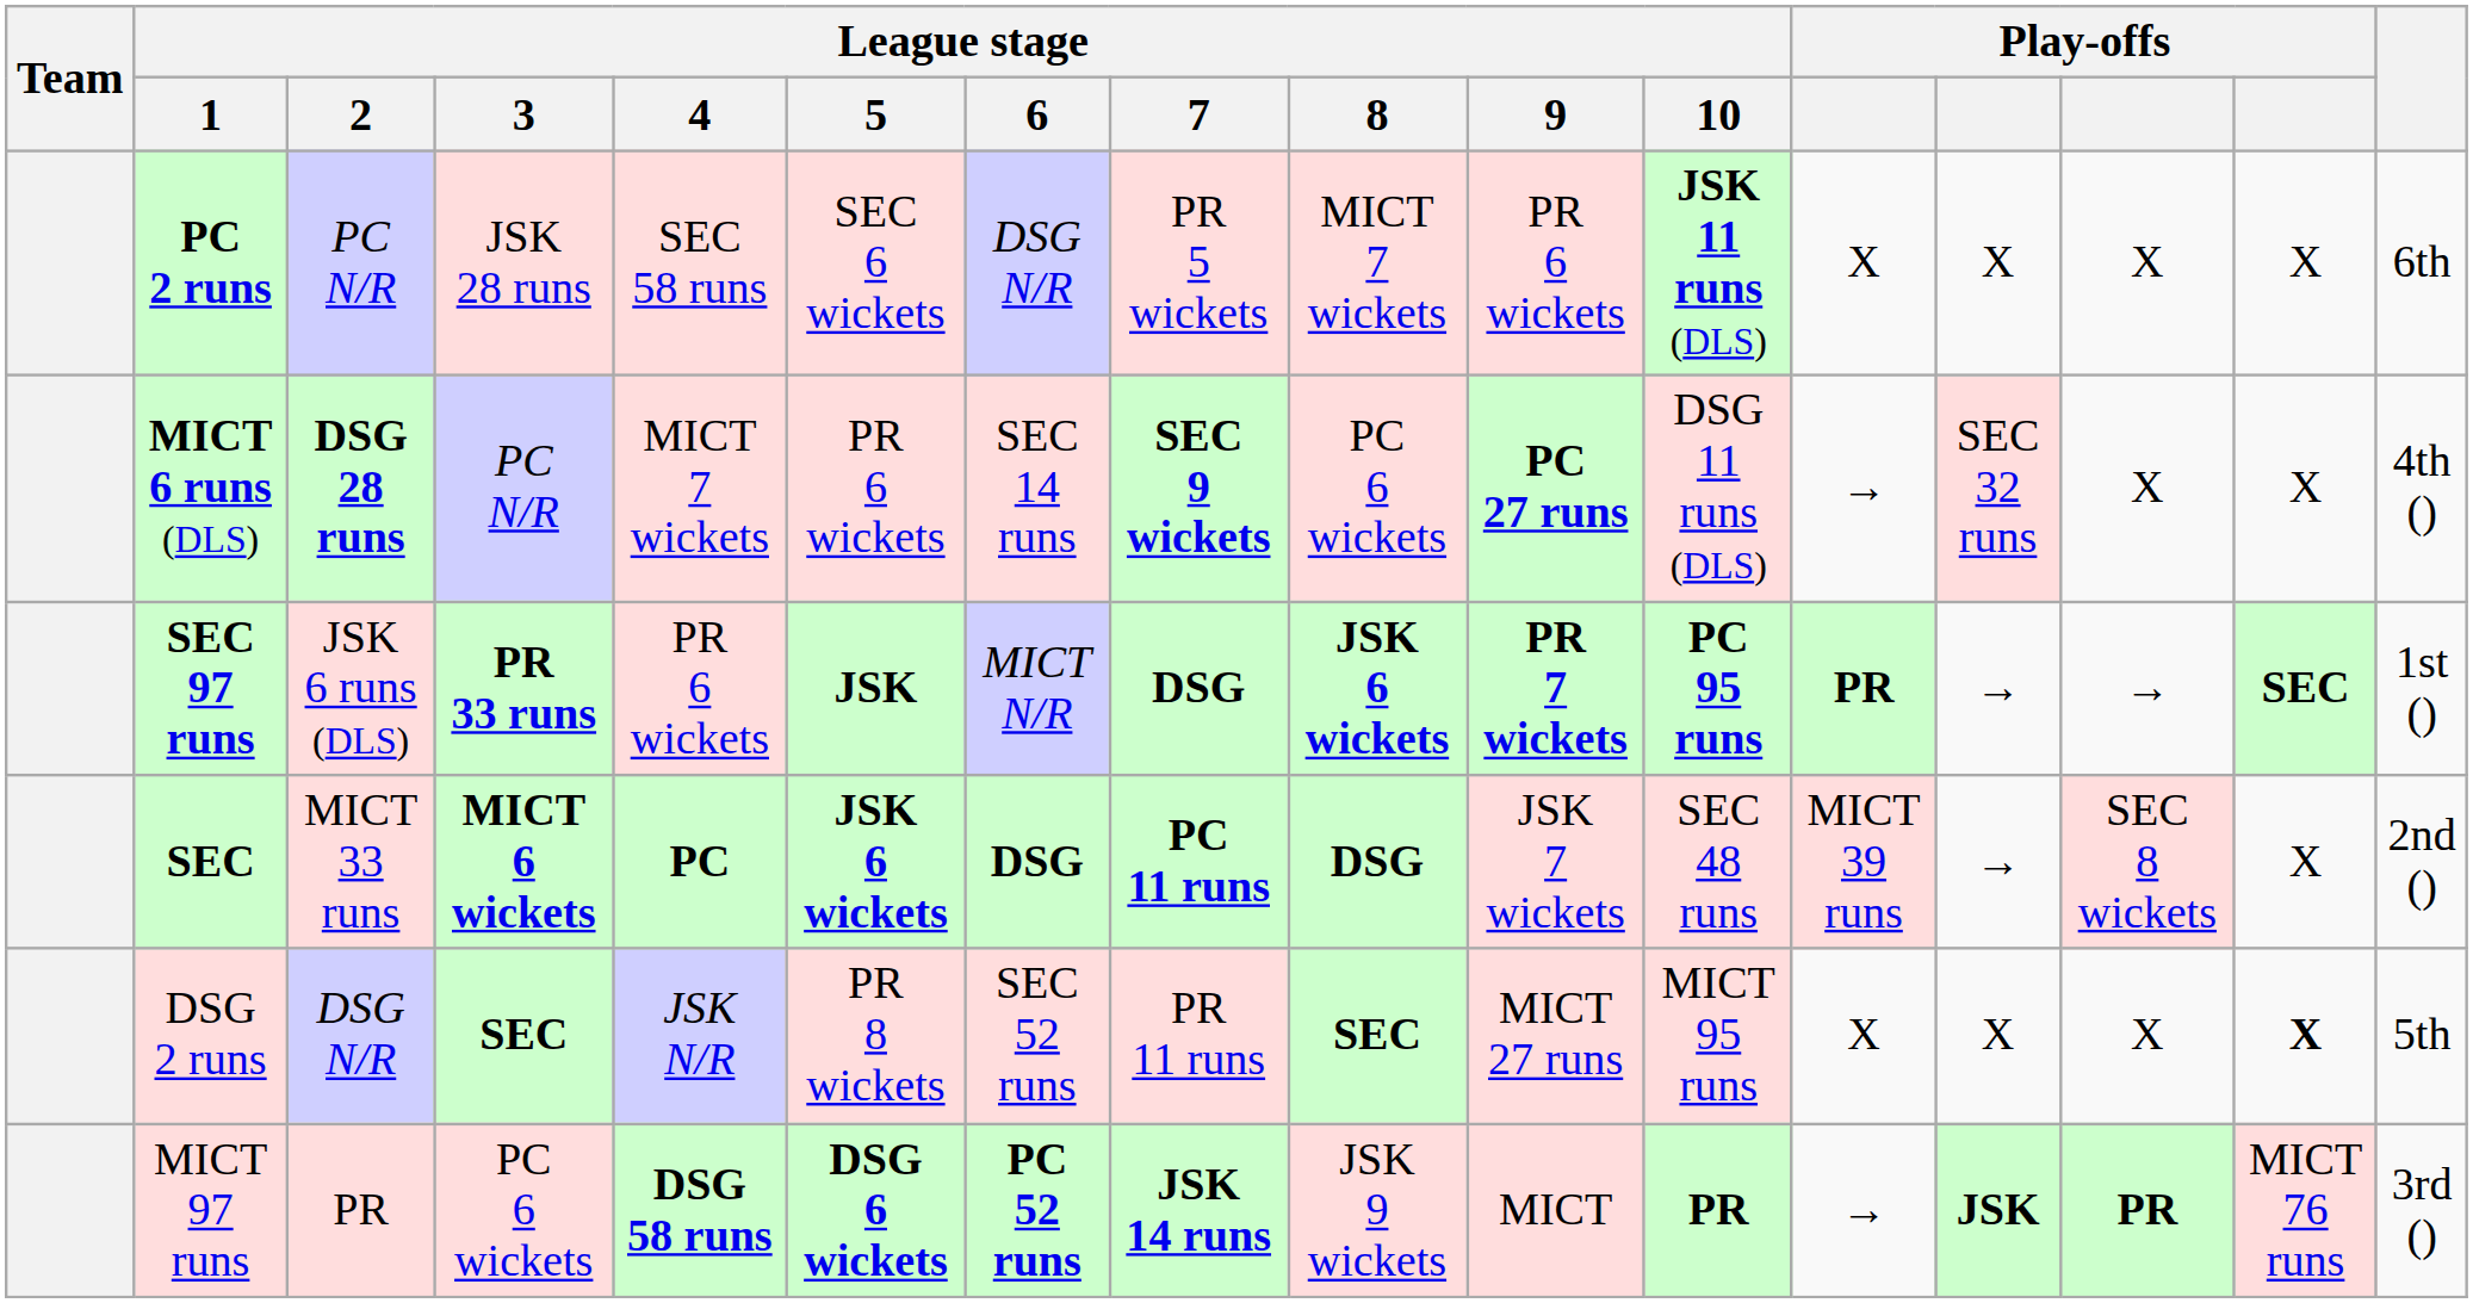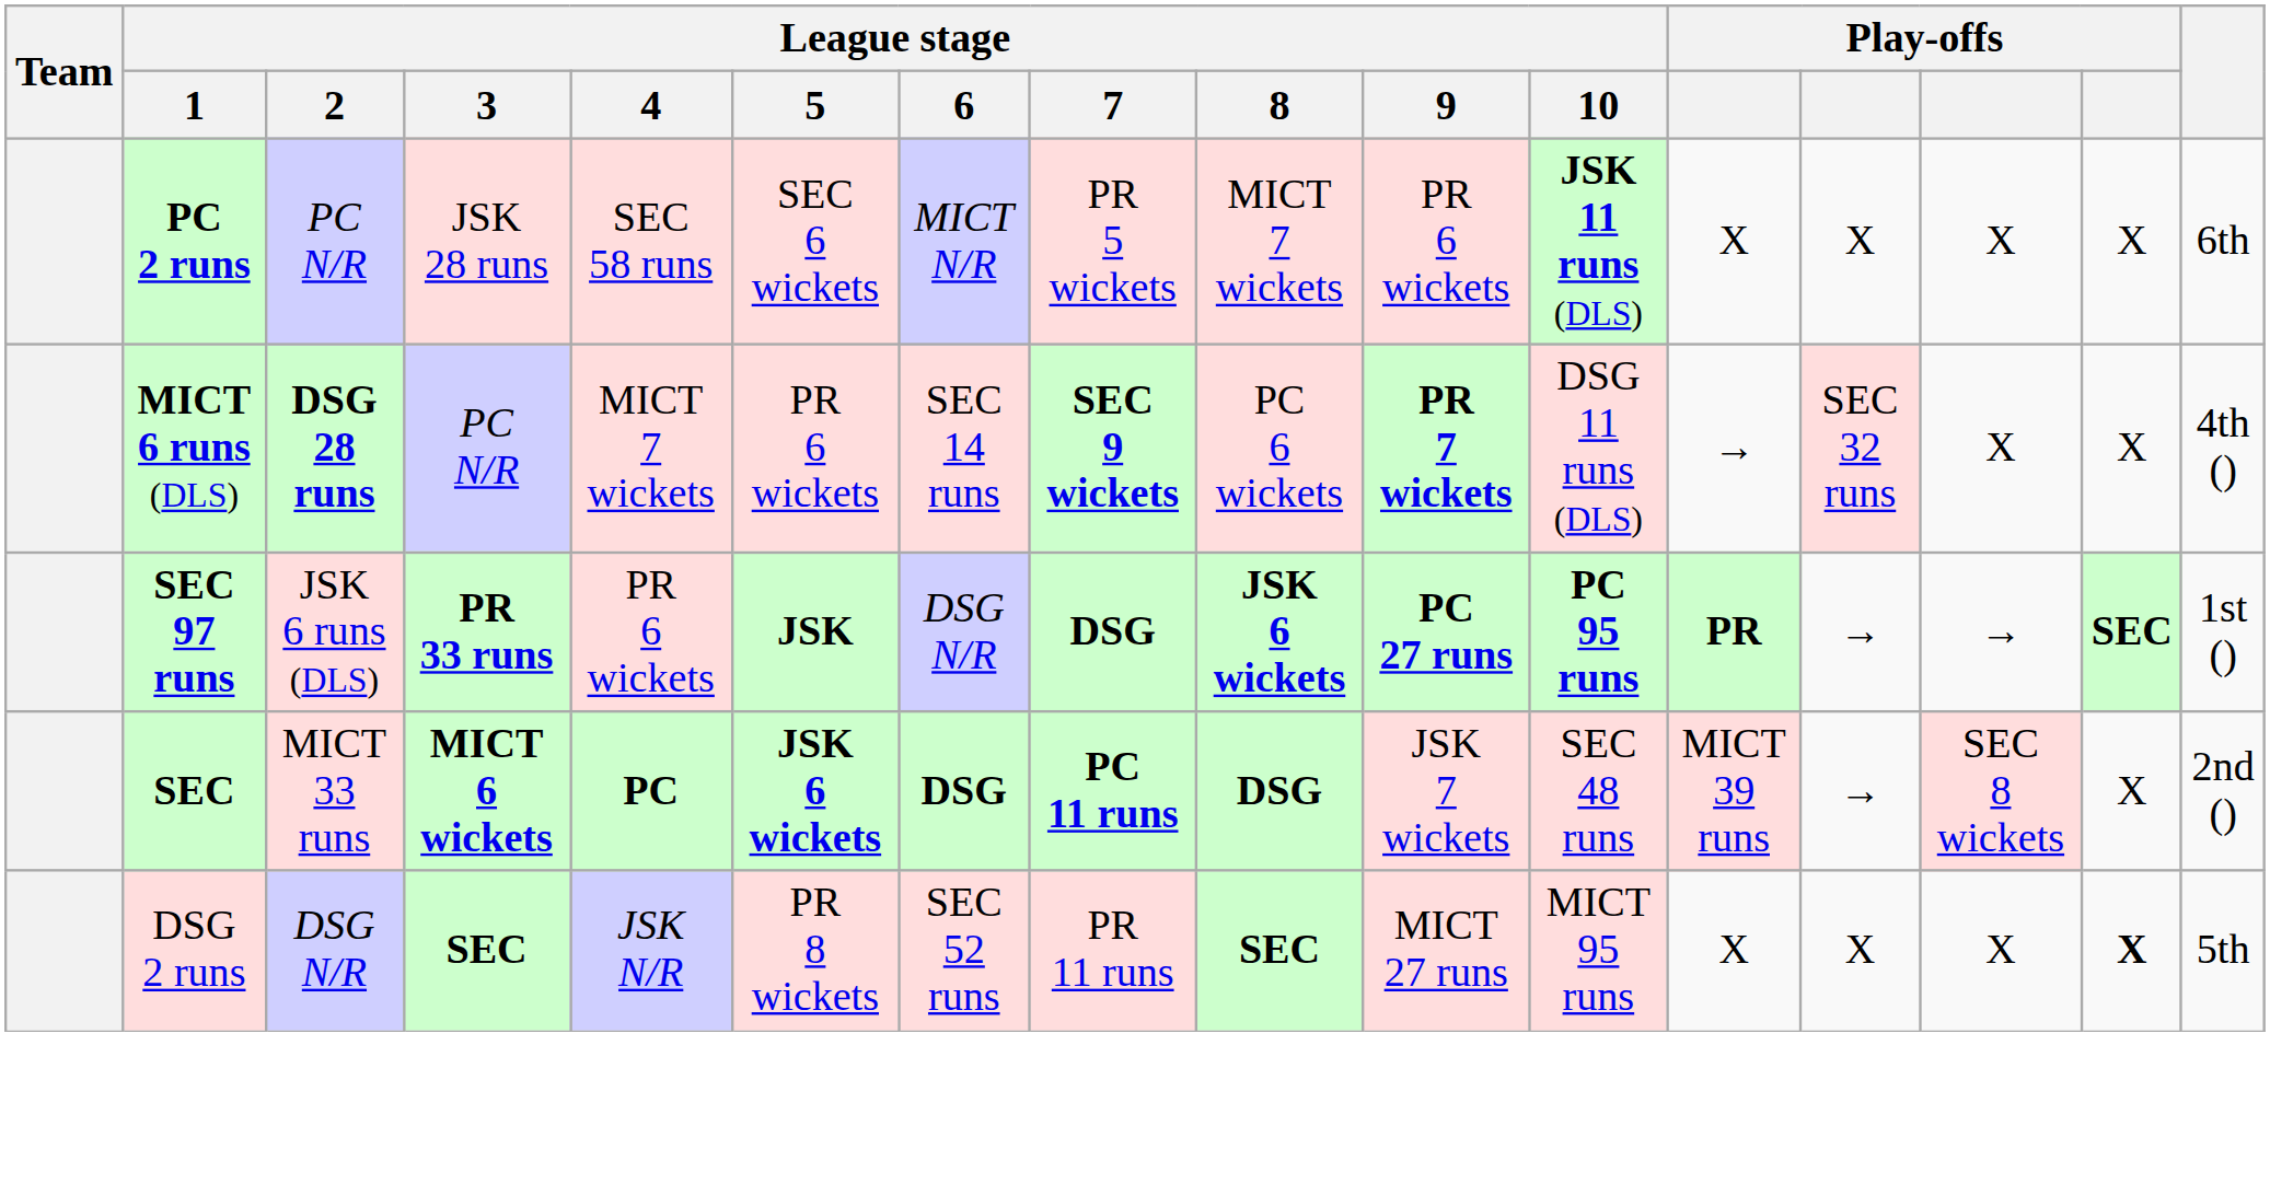 <table class="wikitable plainrowheaders" style="text-align:center;">
 <tr>
 <th rowspan="2">Team</th>
 <th colspan="10">League stage</th>
 <th colspan="4">Play-offs</th>
 <th rowspan="2"></th>
 </tr>
 <tr>
 <th>1</th>
 <th>2</th>
 <th>3</th>
 <th>4</th>
 <th>5</th>
 <th>6</th>
 <th>7</th>
 <th>8</th>
 <th>9</th>
 <th>10</th>
 <th></th>
 <th></th>
 <th></th>
 <th></th>
 </tr>
 <tr>
 <th></th>
 <td style="background-color:#cfc;"><strong>PC<br><a href='#'>2 runs</a></strong></td>
 <td style="background:#cfcfff;"><em>PC<br><a href='#'>N/R</a></em></td>
 <td style="background-color:#FFDDDD;">JSK<br><a href='#'>28 runs</a></td>
 <td style="background-color:#FFDDDD;">SEC<br><a href='#'>58 runs</a></td>
 <td style="background-color:#FFDDDD;">SEC<br><a href='#'>6 wickets</a></td>
-<td style="background:#cfcfff;"><em>DSG<br><a href='#'>N/R</a></em></td>
+<td style="background:#cfcfff;"><em>MICT<br><a href='#'>N/R</a></em></td>
 <td style="background-color:#FFDDDD;">PR<br><a href='#'>5 wickets</a></td>
 <td style="background-color:#FFDDDD;">MICT<br><a href='#'>7 wickets</a></td>
 <td style="background-color:#FFDDDD;">PR<br><a href='#'>6 wickets</a></td>
 <td style="background-color:#cfc;"><strong>JSK<br><a href='#'>11 runs</a></strong><br><small>(<a href='#'>DLS</a>)</small></td>
 <td>X</td>
 <td>X</td>
 <td>X</td>
 <td>X</td>
 <td>6th</td>
 </tr>
 <tr>
 <th></th>
 <td style="background-color:#cfc;"><strong>MICT<br><a href='#'>6 runs</a></strong><br><small>(<a href='#'>DLS</a>)</small></td>
 <td style="background-color:#cfc;"><strong>DSG<br><a href='#'>28 runs</a></strong></td>
 <td style="background:#cfcfff;"><em>PC<br><a href='#'>N/R</a></em></td>
 <td style="background-color:#FFDDDD;">MICT<br><a href='#'>7 wickets</a></td>
 <td style="background-color:#FFDDDD;">PR<br><a href='#'>6 wickets</a></td>
 <td style="background-color:#FFDDDD;">SEC<br><a href='#'>14 runs</a></td>
 <td style="background-color:#cfc;"><strong>SEC<br><a href='#'>9 wickets</a></strong></td>
 <td style="background-color:#FFDDDD;">PC<br><a href='#'>6 wickets</a></td>
-<td style="background-color:#cfc;"><strong>PC<br><a href='#'>27 runs</a></strong></td>
+<td style="background-color:#cfc;"><strong>PR<br><a href='#'>7 wickets</a></strong></td>
 <td style="background-color:#FFDDDD;">DSG<br><a href='#'>11 runs</a><br><small>(<a href='#'>DLS</a>)</small></td>
 <td>→</td>
 <td style="background-color:#FFDDDD;">SEC<br><a href='#'>32 runs</a></td>
 <td>X</td>
 <td>X</td>
 <td>4th<br>()</td>
 </tr>
 <tr>
 <th></th>
 <td style="background-color:#cfc;"><strong>SEC<br><a href='#'>97 runs</a></strong></td>
 <td style="background-color:#FFDDDD;">JSK<br><a href='#'>6 runs</a><br><small>(<a href='#'>DLS</a>)</small></td>
 <td style="background-color:#cfc;"><strong>PR<br><a href='#'>33 runs</a></strong></td>
 <td style="background-color:#FFDDDD;">PR<br><a href='#'>6 wickets</a></td>
 <td style="background-color:#cfc;"><strong>JSK<br></strong></td>
-<td style="background:#cfcfff;"><em>MICT<br><a href='#'>N/R</a></em></td>
+<td style="background:#cfcfff;"><em>DSG<br><a href='#'>N/R</a></em></td>
 <td style="background-color:#cfc;"><strong>DSG<br></strong></td>
 <td style="background-color:#cfc;"><strong>JSK<br><a href='#'>6 wickets</a></strong></td>
-<td style="background-color:#cfc;"><strong>PR<br><a href='#'>7 wickets</a></strong></td>
+<td style="background-color:#cfc;"><strong>PC<br><a href='#'>27 runs</a></strong></td>
 <td style="background-color:#cfc;"><strong>PC<br><a href='#'>95 runs</a></strong></td>
 <td style="background-color:#cfc;"><strong>PR<br></strong></td>
 <td>→</td>
 <td>→</td>
 <td style="background-color:#cfc;"><strong>SEC<br></strong></td>
 <td>1st<br>()</td>
 </tr>
 <tr>
 <th></th>
 <td style="background-color:#cfc;"><strong>SEC<br></strong></td>
 <td style="background-color:#FFDDDD;">MICT<br><a href='#'>33 runs</a></td>
 <td style="background-color:#cfc;"><strong>MICT<br><a href='#'>6 wickets</a></strong></td>
 <td style="background-color:#cfc;"><strong>PC<br></strong></td>
 <td style="background-color:#cfc;"><strong>JSK<br><a href='#'>6 wickets</a></strong></td>
 <td style="background-color:#cfc;"><strong>DSG<br></strong></td>
 <td style="background-color:#cfc;"><strong>PC<br><a href='#'>11 runs</a></strong></td>
 <td style="background-color:#cfc;"><strong>DSG<br></strong></td>
 <td style="background-color:#FFDDDD;">JSK<br><a href='#'>7 wickets</a></td>
 <td style="background-color:#FFDDDD;">SEC<br><a href='#'>48 runs</a></td>
 <td style="background-color:#FFDDDD;">MICT<br><a href='#'>39 runs</a></td>
 <td>→</td>
 <td style="background-color:#FFDDDD;">SEC<br><a href='#'>8 wickets</a></td>
 <td>X</td>
 <td>2nd<br>()</td>
 </tr>
 <tr>
 <th></th>
 <td style="background-color:#FFDDDD;">DSG<br><a href='#'>2 runs</a></td>
 <td style="background:#cfcfff;"><em>DSG<br><a href='#'>N/R</a></em></td>
 <td style="background-color:#cfc;"><strong>SEC<br></strong></td>
 <td style="background:#cfcfff;"><em>JSK<br><a href='#'>N/R</a></em></td>
 <td style="background-color:#FFDDDD;">PR<br><a href='#'>8 wickets</a></td>
 <td style="background-color:#FFDDDD;">SEC<br><a href='#'>52 runs</a></td>
 <td style="background-color:#FFDDDD;">PR<br><a href='#'>11 runs</a></td>
 <td style="background-color:#cfc;"><strong>SEC<br></strong></td>
 <td style="background-color:#FFDDDD;">MICT<br><a href='#'>27 runs</a></td>
 <td style="background-color:#FFDDDD;">MICT<br><a href='#'>95 runs</a></td>
 <td>X</td>
 <td>X</td>
 <td>X</td>
 <td><strong>X</strong></td>
 <td>5th</td>
 </tr>
-<tr>
-<th></th>
-<td style="background-color:#FFDDDD;">MICT<br><a href='#'>97 runs</a></td>
-<td style="background-color:#ffdddd;">PR<br></td>
-<td style="background-color:#FFDDDD;">PC<br><a href='#'>6 wickets</a></td>
-<td style="background-color:#cfc;"><strong>DSG<br><a href='#'>58 runs</a></strong></td>
-<td style="background-color:#cfc;"><strong>DSG<br><a href='#'>6 wickets</a></strong></td>
-<td style="background-color:#cfc;"><strong>PC<br><a href='#'>52 runs</a></strong></td>
-<td style="background-color:#cfc;"><strong>JSK<br><a href='#'>14 runs</a></strong></td>
-<td style="background-color:#FFDDDD;">JSK<br><a href='#'>9 wickets</a></td>
-<td style="background-color:#FFDDDD;">MICT<br></td>
-<td style="background-color:#cfc;"><strong>PR<br></strong></td>
-<td>→</td>
-<td style="background-color:#cfc;"><strong>JSK<br></strong></td>
-<td style="background-color:#cfc;"><strong>PR<br></strong></td>
-<td style="background-color:#FFDDDD;">MICT<br><a href='#'>76 runs</a></td>
-<td>3rd<br>()</td>
-</tr>
 </table>
